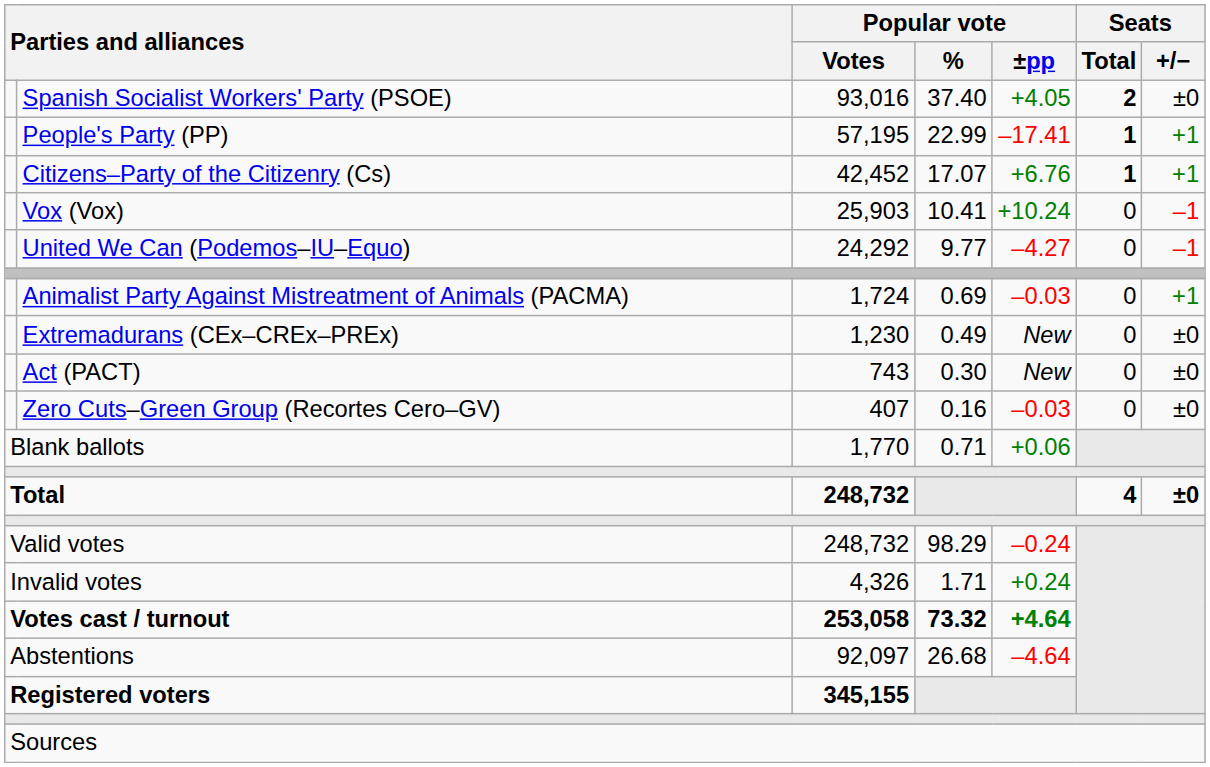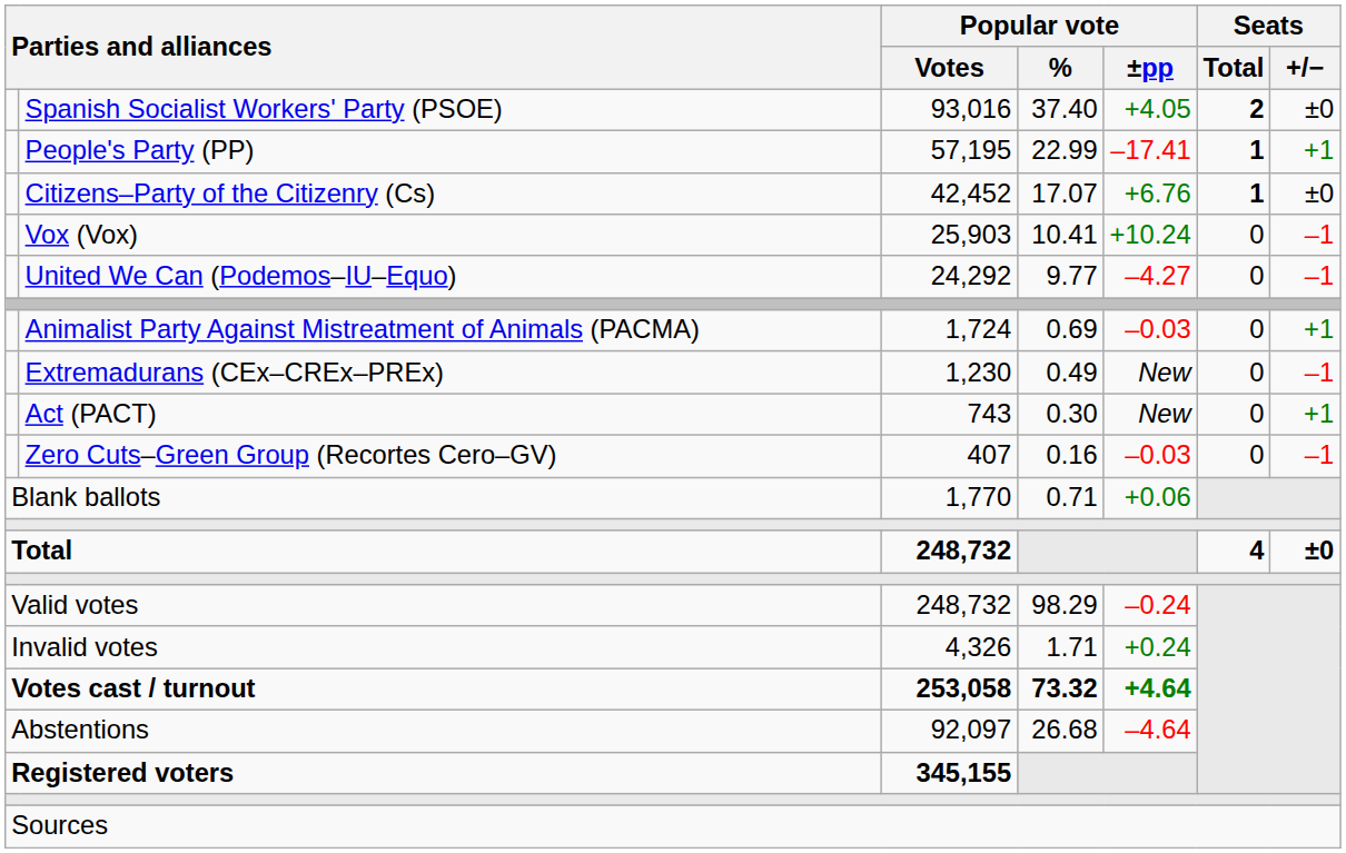 <table class="wikitable" style="text-align:right;">
 <tr>
 <th style="text-align:left;" rowspan="2" colspan="2" width="525">Parties and alliances</th>
 <th colspan="3">Popular vote</th>
 <th colspan="2">Seats</th>
 </tr>
 <tr>
 <th width="75">Votes</th>
 <th width="45">%</th>
 <th width="45">±<a href='#'>pp</a></th>
 <th width="35">Total</th>
 <th width="35">+/−</th>
 </tr>
 <tr>
 <td width="1" style="color:inherit;background:"></td>
 <td align="left"><a href='#'>Spanish Socialist Workers' Party</a> (PSOE)</td>
 <td>93,016</td>
 <td>37.40</td>
 <td style="color:green;">+4.05</td>
 <td><strong>2</strong></td>
 <td>±0</td>
 </tr>
 <tr>
 <td style="color:inherit;background:"></td>
 <td align="left"><a href='#'>People's Party</a> (PP)</td>
 <td>57,195</td>
 <td>22.99</td>
 <td style="color:red;">–17.41</td>
 <td><strong>1</strong></td>
 <td style="color:green;">+1</td>
 </tr>
 <tr>
 <td style="color:inherit;background:"></td>
 <td align="left"><a href='#'>Citizens–Party of the Citizenry</a> (Cs)</td>
 <td>42,452</td>
 <td>17.07</td>
 <td style="color:green;">+6.76</td>
 <td><strong>1</strong></td>
-<td style="color:green;">+1</td>
+<td>±0</td>
 </tr>
 <tr>
 <td style="color:inherit;background:"></td>
 <td align="left"><a href='#'>Vox</a> (Vox)</td>
 <td>25,903</td>
 <td>10.41</td>
 <td style="color:green;">+10.24</td>
 <td>0</td>
 <td style="color:red;">–1</td>
 </tr>
 <tr>
 <td style="color:inherit;background:"></td>
 <td align="left"><a href='#'>United We Can</a> (<a href='#'>Podemos</a>–<a href='#'>IU</a>–<a href='#'>Equo</a>)</td>
 <td>24,292</td>
 <td>9.77</td>
 <td style="color:red;">–4.27</td>
 <td>0</td>
 <td style="color:red;">–1</td>
 </tr>
 <tr>
 <td colspan="7" bgcolor="#C0C0C0"></td>
 </tr>
 <tr>
 <td style="color:inherit;background:"></td>
 <td align="left"><a href='#'>Animalist Party Against Mistreatment of Animals</a> (PACMA)</td>
 <td>1,724</td>
 <td>0.69</td>
 <td style="color:red;">–0.03</td>
 <td>0</td>
 <td style="color:green;">+1</td>
 </tr>
 <tr>
 <td style="color:inherit;background:"></td>
 <td align="left"><a href='#'>Extremadurans</a> (CEx–CREx–PREx)</td>
 <td>1,230</td>
 <td>0.49</td>
 <td><em>New</em></td>
 <td>0</td>
-<td>±0</td>
+<td style="color:red;">–1</td>
 </tr>
 <tr>
 <td style="color:inherit;background:"></td>
 <td align="left"><a href='#'>Act</a> (PACT)</td>
 <td>743</td>
 <td>0.30</td>
 <td><em>New</em></td>
 <td>0</td>
-<td>±0</td>
+<td style="color:green;">+1</td>
 </tr>
 <tr>
 <td style="color:inherit;background:"></td>
 <td align="left"><a href='#'>Zero Cuts</a>–<a href='#'>Green Group</a> (Recortes Cero–GV)</td>
 <td>407</td>
 <td>0.16</td>
 <td style="color:red;">–0.03</td>
 <td>0</td>
-<td>±0</td>
+<td style="color:red;">–1</td>
 </tr>
 <tr>
 <td align="left" colspan="2">Blank ballots</td>
 <td>1,770</td>
 <td>0.71</td>
 <td style="color:green;">+0.06</td>
 <td bgcolor="#E9E9E9" colspan="2"></td>
 </tr>
 <tr>
 <td colspan="7" bgcolor="#E9E9E9"></td>
 </tr>
 <tr style="font-weight:bold;">
 <td align="left" colspan="2">Total</td>
 <td>248,732</td>
 <td bgcolor="#E9E9E9" colspan="2"></td>
 <td>4</td>
 <td>±0</td>
 </tr>
 <tr>
 <td colspan="7" bgcolor="#E9E9E9"></td>
 </tr>
 <tr>
 <td align="left" colspan="2">Valid votes</td>
 <td>248,732</td>
 <td>98.29</td>
 <td style="color:red;">–0.24</td>
 <td bgcolor="#E9E9E9" colspan="2" rowspan="5"></td>
 </tr>
 <tr>
 <td align="left" colspan="2">Invalid votes</td>
 <td>4,326</td>
 <td>1.71</td>
 <td style="color:green;">+0.24</td>
 </tr>
 <tr style="font-weight:bold;">
 <td align="left" colspan="2">Votes cast / turnout</td>
 <td>253,058</td>
 <td>73.32</td>
 <td style="color:green;">+4.64</td>
 </tr>
 <tr>
 <td align="left" colspan="2">Abstentions</td>
 <td>92,097</td>
 <td>26.68</td>
 <td style="color:red;">–4.64</td>
 </tr>
 <tr style="font-weight:bold;">
 <td align="left" colspan="2">Registered voters</td>
 <td>345,155</td>
 <td bgcolor="#E9E9E9" colspan="2"></td>
 </tr>
 <tr>
 <td colspan="7" bgcolor="#E9E9E9"></td>
 </tr>
 <tr>
 <td align="left" colspan="7">Sources</td>
 </tr>
 </table>
